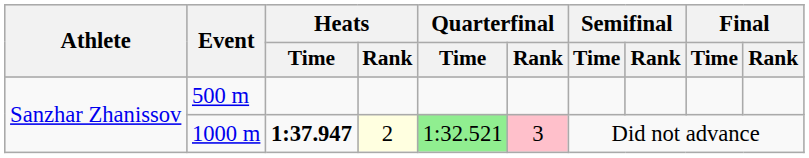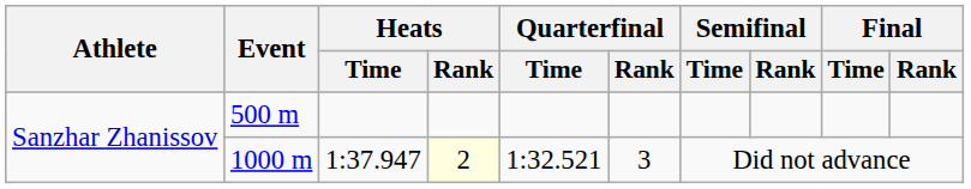 <table class="wikitable" style="font-size:90%">
 <tr>
 <th rowspan=2>Athlete</th>
 <th rowspan=2>Event</th>
 <th colspan=2>Heats</th>
 <th colspan=2>Quarterfinal</th>
 <th colspan=2>Semifinal</th>
 <th colspan=2>Final</th>
 </tr>
 <tr style="font-size:95%">
 <th>Time</th>
 <th>Rank</th>
 <th>Time</th>
 <th>Rank</th>
 <th>Time</th>
 <th>Rank</th>
 <th>Time</th>
 <th>Rank</th>
 </tr>
 <tr align=center>
 <td align=left rowspan=2><a href='#'>Sanzhar Zhanissov</a></td>
 <td align=left><a href='#'>500 m</a></td>
 <td></td>
 <td></td>
 <td></td>
 <td></td>
 <td></td>
 <td></td>
 <td></td>
 <td></td>
 </tr>
 <tr align=center>
 <td align=left><a href='#'>1000 m</a></td>
-<td><strong>1:37.947</strong></td>
+<td>1:37.947</td>
 <td style="background: lightyellow;">2</td>
-<td style="background: lightgreen;">1:32.521</td>
-<td style="background: pink;">3</td>
+<td>1:32.521</td>
+<td>3</td>
 <td colspan=4>Did not advance</td>
 </tr>
 </table>
